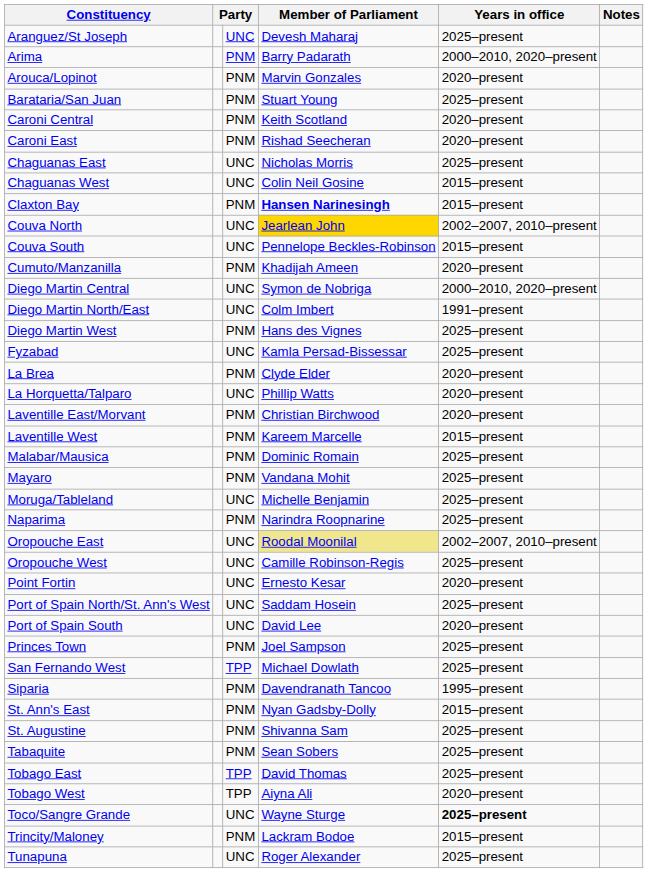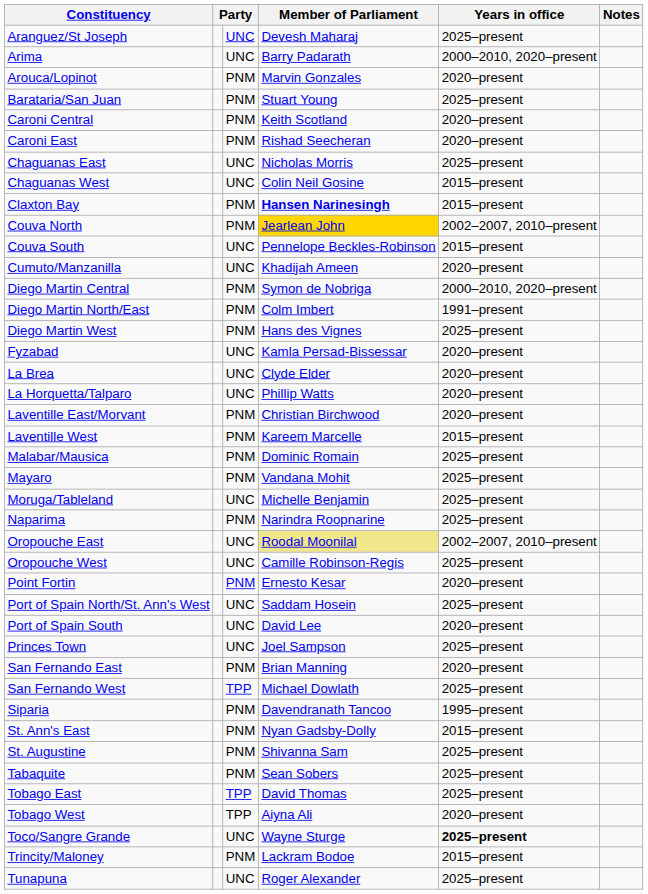 <table class="wikitable sortable">
 <tr>
 <th><a href='#'>Constituency</a></th>
 <th colspan="2">Party</th>
 <th>Member of Parliament</th>
 <th>Years in office</th>
 <th>Notes</th>
 </tr>
 <tr>
 <td><a href='#'>Aranguez/St Joseph</a></td>
 <td style="background:"> </td>
 <td><a href='#'>UNC</a></td>
 <td><a href='#'>Devesh Maharaj</a></td>
 <td>2025–present</td>
 <td></td>
 </tr>
 <tr>
 <td><a href='#'>Arima</a></td>
 <td style="background:"> </td>
-<td><a href='#'>PNM</a></td>
+<td>UNC</td>
 <td><a href='#'>Barry Padarath</a></td>
 <td>2000–2010, 2020–present</td>
 <td></td>
 </tr>
 <tr>
 <td><a href='#'>Arouca/Lopinot</a></td>
 <td style="background:"> </td>
 <td>PNM</td>
 <td><a href='#'>Marvin Gonzales</a></td>
 <td>2020–present</td>
 <td></td>
 </tr>
 <tr>
 <td><a href='#'>Barataria/San Juan</a></td>
 <td style="background:"> </td>
 <td>PNM</td>
 <td><a href='#'>Stuart Young</a></td>
 <td>2025–present</td>
 <td></td>
 </tr>
 <tr>
 <td><a href='#'>Caroni Central</a></td>
 <td style="background:"> </td>
 <td>PNM</td>
 <td><a href='#'>Keith Scotland</a></td>
 <td>2020–present</td>
 <td></td>
 </tr>
 <tr>
 <td><a href='#'>Caroni East</a></td>
 <td style="background:"> </td>
 <td>PNM</td>
 <td><a href='#'>Rishad Seecheran</a></td>
 <td>2020–present</td>
 <td></td>
 </tr>
 <tr>
 <td><a href='#'>Chaguanas East</a></td>
 <td style="background:"> </td>
 <td>UNC</td>
 <td><a href='#'>Nicholas Morris</a></td>
 <td>2025–present</td>
 <td></td>
 </tr>
 <tr>
 <td><a href='#'>Chaguanas West</a></td>
 <td style="background:"> </td>
 <td>UNC</td>
 <td><a href='#'>Colin Neil Gosine</a></td>
 <td>2015–present</td>
 <td></td>
 </tr>
 <tr>
 <td><a href='#'>Claxton Bay</a></td>
 <td style="background:"> </td>
 <td>PNM</td>
 <td><strong><a href='#'>Hansen Narinesingh</a></strong></td>
 <td>2015–present</td>
 <td></td>
 </tr>
 <tr>
 <td><a href='#'>Couva North</a></td>
 <td style="background:"> </td>
-<td>UNC</td>
+<td>PNM</td>
 <td style="background: gold;"><a href='#'>Jearlean John</a></td>
 <td>2002–2007, 2010–present</td>
 <td></td>
 </tr>
 <tr>
 <td><a href='#'>Couva South</a></td>
 <td style="background:"> </td>
 <td>UNC</td>
 <td><a href='#'>Pennelope Beckles-Robinson</a></td>
 <td>2015–present</td>
 <td></td>
 </tr>
 <tr>
 <td><a href='#'>Cumuto/Manzanilla</a></td>
 <td style="background:"> </td>
-<td>PNM</td>
+<td>UNC</td>
 <td><a href='#'>Khadijah Ameen</a></td>
 <td>2020–present</td>
 <td></td>
 </tr>
 <tr>
 <td><a href='#'>Diego Martin Central</a></td>
 <td style="background:"> </td>
-<td>UNC</td>
+<td>PNM</td>
 <td><a href='#'>Symon de Nobriga</a></td>
 <td>2000–2010, 2020–present</td>
 <td></td>
 </tr>
 <tr>
 <td><a href='#'>Diego Martin North/East</a></td>
 <td style="background:"> </td>
-<td>UNC</td>
+<td>PNM</td>
 <td><a href='#'>Colm Imbert</a></td>
 <td>1991–present</td>
 <td></td>
 </tr>
 <tr>
 <td><a href='#'>Diego Martin West</a></td>
 <td style="background:"> </td>
 <td>PNM</td>
 <td><a href='#'>Hans des Vignes</a></td>
 <td>2025–present</td>
 <td></td>
 </tr>
 <tr>
 <td><a href='#'>Fyzabad</a></td>
 <td style="background:"> </td>
 <td>UNC</td>
 <td><a href='#'>Kamla Persad-Bissessar</a></td>
-<td>2025–present</td>
+<td>2020–present</td>
 <td></td>
 </tr>
 <tr>
 <td><a href='#'>La Brea</a></td>
 <td style="background:"> </td>
-<td>PNM</td>
+<td>UNC</td>
 <td><a href='#'>Clyde Elder</a></td>
 <td>2020–present</td>
 <td></td>
 </tr>
 <tr>
 <td><a href='#'>La Horquetta/Talparo</a></td>
 <td style="background:"> </td>
 <td>UNC</td>
 <td><a href='#'>Phillip Watts</a></td>
 <td>2020–present</td>
 <td></td>
 </tr>
 <tr>
 <td><a href='#'>Laventille East/Morvant</a></td>
 <td style="background:"> </td>
 <td>PNM</td>
 <td><a href='#'>Christian Birchwood</a></td>
 <td>2020–present</td>
 <td></td>
 </tr>
 <tr>
 <td><a href='#'>Laventille West</a></td>
 <td style="background:"> </td>
 <td>PNM</td>
 <td><a href='#'>Kareem Marcelle</a></td>
 <td>2015–present</td>
 <td></td>
 </tr>
 <tr>
 <td><a href='#'>Malabar/Mausica</a></td>
 <td style="background:"> </td>
 <td>PNM</td>
 <td><a href='#'>Dominic Romain</a></td>
 <td>2025–present</td>
 <td></td>
 </tr>
 <tr>
 <td><a href='#'>Mayaro</a></td>
 <td style="background:"> </td>
 <td>PNM</td>
 <td><a href='#'>Vandana Mohit</a></td>
 <td>2025–present</td>
 <td></td>
 </tr>
 <tr>
 <td><a href='#'>Moruga/Tableland</a></td>
 <td style="background:"> </td>
 <td>UNC</td>
 <td><a href='#'>Michelle Benjamin</a></td>
 <td>2025–present</td>
 <td></td>
 </tr>
 <tr>
 <td><a href='#'>Naparima</a></td>
 <td style="background:"> </td>
 <td>PNM</td>
 <td><a href='#'>Narindra Roopnarine</a></td>
 <td>2025–present</td>
 <td></td>
 </tr>
 <tr>
 <td><a href='#'>Oropouche East</a></td>
 <td style="background:"> </td>
 <td>UNC</td>
 <td style="background: khaki;"><a href='#'>Roodal Moonilal</a></td>
 <td>2002–2007, 2010–present</td>
 <td></td>
 </tr>
 <tr>
 <td><a href='#'>Oropouche West</a></td>
 <td style="background:"> </td>
 <td>UNC</td>
 <td><a href='#'>Camille Robinson-Regis</a></td>
 <td>2025–present</td>
 <td></td>
 </tr>
 <tr>
 <td><a href='#'>Point Fortin</a></td>
 <td style="background:"> </td>
-<td>UNC</td>
+<td><a href='#'>PNM</a></td>
 <td><a href='#'>Ernesto Kesar</a></td>
 <td>2020–present</td>
 <td></td>
 </tr>
 <tr>
 <td><a href='#'>Port of Spain North/St. Ann's West</a></td>
 <td style="background:"> </td>
 <td>UNC</td>
 <td><a href='#'>Saddam Hosein</a></td>
 <td>2025–present</td>
 <td></td>
 </tr>
 <tr>
 <td><a href='#'>Port of Spain South</a></td>
 <td style="background:"> </td>
 <td>UNC</td>
 <td><a href='#'>David Lee</a></td>
 <td>2020–present</td>
 <td></td>
 </tr>
 <tr>
 <td><a href='#'>Princes Town</a></td>
 <td style="background:"> </td>
-<td>PNM</td>
+<td>UNC</td>
 <td><a href='#'>Joel Sampson</a></td>
 <td>2025–present</td>
+<td></td>
+</tr>
+<tr>
+<td><a href='#'>San Fernando East</a></td>
+<td style="background:"> </td>
+<td>PNM</td>
+<td><a href='#'>Brian Manning</a></td>
+<td>2020–present</td>
 <td></td>
 </tr>
 <tr>
 <td><a href='#'>San Fernando West</a></td>
 <td style="background:"> </td>
 <td><a href='#'>TPP</a></td>
 <td><a href='#'>Michael Dowlath</a></td>
 <td>2025–present</td>
 <td></td>
 </tr>
 <tr>
 <td><a href='#'>Siparia</a></td>
 <td style="background:"> </td>
 <td>PNM</td>
 <td><a href='#'>Davendranath Tancoo</a></td>
 <td>1995–present</td>
 <td></td>
 </tr>
 <tr>
 <td><a href='#'>St. Ann's East</a></td>
 <td style="background:"> </td>
 <td>PNM</td>
 <td><a href='#'>Nyan Gadsby-Dolly</a></td>
 <td>2015–present</td>
 <td></td>
 </tr>
 <tr>
 <td><a href='#'>St. Augustine</a></td>
 <td style="background:"> </td>
 <td>PNM</td>
 <td><a href='#'>Shivanna Sam</a></td>
 <td>2025–present</td>
 <td></td>
 </tr>
 <tr>
 <td><a href='#'>Tabaquite</a></td>
 <td style="background:"> </td>
 <td>PNM</td>
 <td><a href='#'>Sean Sobers</a></td>
 <td>2025–present</td>
 <td></td>
 </tr>
 <tr>
 <td><a href='#'>Tobago East</a></td>
 <td style="background:"> </td>
 <td><a href='#'>TPP</a></td>
 <td><a href='#'>David Thomas</a></td>
 <td>2025–present</td>
 <td></td>
 </tr>
 <tr>
 <td><a href='#'>Tobago West</a></td>
 <td style="background:"> </td>
 <td>TPP</td>
 <td><a href='#'>Aiyna Ali</a></td>
 <td>2020–present</td>
 <td></td>
 </tr>
 <tr>
 <td><a href='#'>Toco/Sangre Grande</a></td>
 <td style="background:"> </td>
 <td>UNC</td>
 <td><a href='#'>Wayne Sturge</a></td>
 <td><strong>2025–present</strong></td>
 <td></td>
 </tr>
 <tr>
 <td><a href='#'>Trincity/Maloney</a></td>
 <td style="background:"> </td>
 <td>PNM</td>
 <td><a href='#'>Lackram Bodoe</a></td>
 <td>2015–present</td>
 <td></td>
 </tr>
 <tr>
 <td><a href='#'>Tunapuna</a></td>
 <td style="background:"> </td>
 <td>UNC</td>
 <td><a href='#'>Roger Alexander</a></td>
 <td>2025–present</td>
 <td></td>
 </tr>
 </table>
